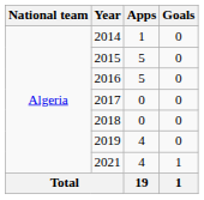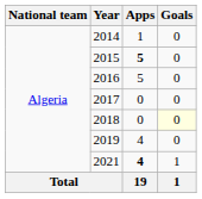 <table class="wikitable" style="text-align:center">
 <tr>
 <th>National team</th>
 <th>Year</th>
 <th>Apps</th>
 <th>Goals</th>
 </tr>
 <tr>
 <td rowspan="7"><a href='#'>Algeria</a></td>
 <td>2014</td>
 <td>1</td>
 <td>0</td>
 </tr>
 <tr>
 <td>2015</td>
-<td>5</td>
+<td><strong>5</strong></td>
 <td>0</td>
 </tr>
 <tr>
 <td>2016</td>
 <td>5</td>
 <td>0</td>
 </tr>
 <tr>
 <td>2017</td>
 <td>0</td>
 <td>0</td>
 </tr>
 <tr>
 <td>2018</td>
 <td>0</td>
-<td>0</td>
+<td style="background: lightyellow;">0</td>
 </tr>
 <tr>
 <td>2019</td>
 <td>4</td>
 <td>0</td>
 </tr>
 <tr>
 <td>2021</td>
-<td>4</td>
+<td><strong>4</strong></td>
 <td>1</td>
 </tr>
 <tr>
 <th colspan="2">Total</th>
 <th>19</th>
 <th>1</th>
 </tr>
 </table>
